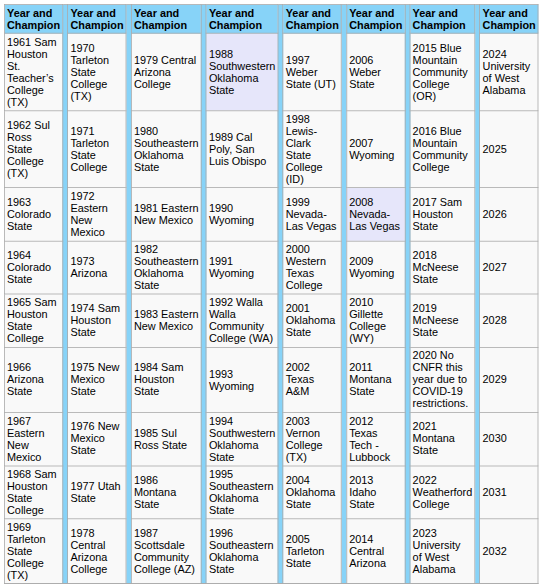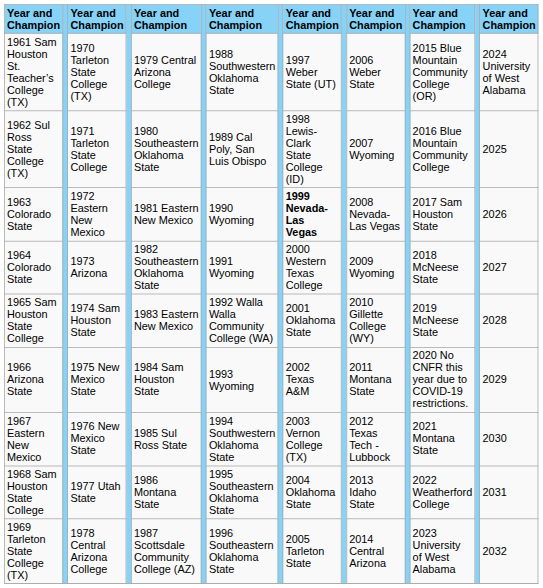 <table class="wikitable" style="font-size:85%;">
 <tr ! style="background-color: #87D3F8;">
 <td><strong>Year and Champion</strong></td>
 <td rowspan=10></td>
 <td><strong>Year and Champion</strong></td>
 <td rowspan=10></td>
 <td><strong>Year and Champion</strong></td>
 <td rowspan=10></td>
 <td><strong>Year and Champion</strong></td>
 <td rowspan=10></td>
 <td><strong>Year and Champion</strong></td>
 <td rowspan=10></td>
 <td><strong>Year and Champion</strong></td>
 <td rowspan=10></td>
 <td><strong>Year and Champion</strong></td>
 <td rowspan=10></td>
 <td><strong>Year and Champion</strong></td>
 </tr>
 <tr --->
 <td>1961 Sam Houston St. Teacher’s College (TX)</td>
 <td>1970 Tarleton State College (TX)</td>
 <td>1979 Central Arizona College</td>
-<td style="background: lavender;">1988 Southwestern Oklahoma State</td>
+<td>1988 Southwestern Oklahoma State</td>
 <td>1997 Weber State (UT)</td>
 <td>2006 Weber State</td>
 <td>2015 Blue Mountain Community College (OR)</td>
 <td>2024 University of West Alabama</td>
 </tr>
 <tr --->
 <td>1962 Sul Ross State College (TX)</td>
 <td>1971 Tarleton State College</td>
 <td>1980 Southeastern Oklahoma State</td>
 <td>1989 Cal Poly, San Luis Obispo</td>
 <td>1998 Lewis-Clark State College (ID)</td>
 <td>2007 Wyoming</td>
 <td>2016 Blue Mountain Community College</td>
 <td>2025</td>
 </tr>
 <tr --->
 <td>1963 Colorado State</td>
 <td>1972 Eastern New Mexico</td>
 <td>1981 Eastern New Mexico</td>
 <td>1990 Wyoming</td>
-<td>1999 Nevada-Las Vegas</td>
-<td style="background: lavender;">2008 Nevada-Las Vegas</td>
+<td><strong>1999 Nevada-Las Vegas</strong></td>
+<td>2008 Nevada-Las Vegas</td>
 <td>2017 Sam Houston State</td>
 <td>2026</td>
 </tr>
 <tr --->
 <td>1964 Colorado State</td>
 <td>1973 Arizona</td>
 <td>1982 Southeastern Oklahoma State</td>
 <td>1991 Wyoming</td>
 <td>2000 Western Texas College</td>
 <td>2009 Wyoming</td>
 <td>2018 McNeese State</td>
 <td>2027</td>
 </tr>
 <tr --->
 <td>1965 Sam Houston State College</td>
 <td>1974 Sam Houston State</td>
 <td>1983 Eastern New Mexico</td>
 <td>1992 Walla Walla Community College (WA)</td>
 <td>2001 Oklahoma State</td>
 <td>2010 Gillette College (WY)</td>
 <td>2019 McNeese State</td>
 <td>2028</td>
 </tr>
 <tr --->
 <td>1966 Arizona State</td>
 <td>1975 New Mexico State</td>
 <td>1984 Sam Houston State</td>
 <td>1993 Wyoming</td>
 <td>2002 Texas A&M</td>
 <td>2011 Montana State</td>
 <td>2020 No CNFR this year due to COVID-19 restrictions.</td>
 <td>2029</td>
 </tr>
 <tr --->
 <td>1967 Eastern New Mexico</td>
 <td>1976 New Mexico State</td>
 <td>1985 Sul Ross State</td>
 <td>1994 Southwestern Oklahoma State</td>
 <td>2003 Vernon College (TX)</td>
 <td>2012 Texas Tech - Lubbock</td>
 <td>2021 Montana State</td>
 <td>2030</td>
 </tr>
 <tr --->
 <td>1968 Sam Houston State College</td>
 <td>1977 Utah State</td>
 <td>1986 Montana State</td>
 <td>1995 Southeastern Oklahoma State</td>
 <td>2004 Oklahoma State</td>
 <td>2013 Idaho State</td>
 <td>2022 Weatherford College</td>
 <td>2031</td>
 </tr>
 <tr --->
 <td>1969 Tarleton State College (TX)</td>
 <td>1978 Central Arizona College</td>
 <td>1987 Scottsdale Community College (AZ)</td>
 <td>1996 Southeastern Oklahoma State</td>
 <td>2005 Tarleton State</td>
 <td>2014 Central Arizona</td>
 <td>2023 University of West Alabama</td>
 <td>2032</td>
 </tr>
 <tr --->
 </tr>
 </table>
